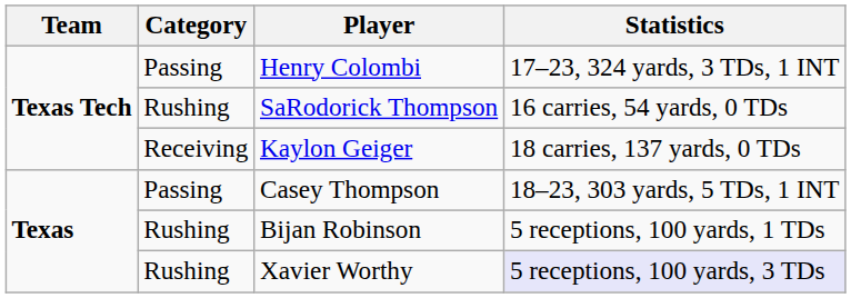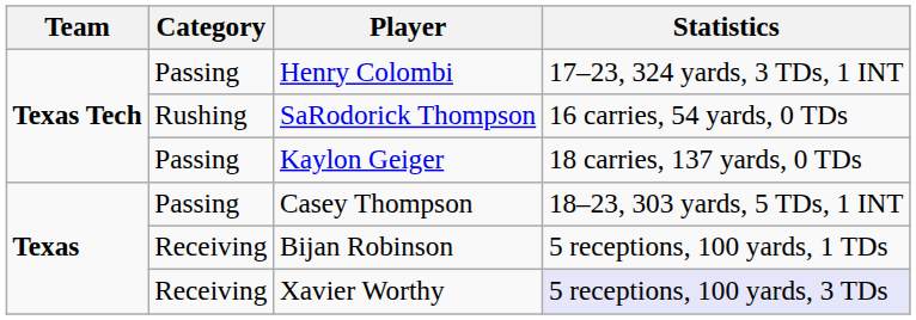 <table class="wikitable" style="float: right;">
 <tr>
 <th>Team</th>
 <th>Category</th>
 <th>Player</th>
 <th>Statistics</th>
 </tr>
 <tr>
 <td rowspan=3><strong>Texas Tech</strong></td>
 <td>Passing</td>
 <td><a href='#'>Henry Colombi</a></td>
 <td>17–23, 324 yards, 3 TDs, 1 INT</td>
 </tr>
 <tr>
 <td>Rushing</td>
 <td><a href='#'>SaRodorick Thompson</a></td>
 <td>16 carries, 54 yards, 0 TDs</td>
 </tr>
 <tr>
-<td>Receiving</td>
+<td>Passing</td>
 <td><a href='#'>Kaylon Geiger</a></td>
 <td>18 carries, 137 yards, 0 TDs</td>
 </tr>
 <tr>
 <td rowspan=3><strong>Texas</strong></td>
 <td>Passing</td>
 <td>Casey Thompson</td>
 <td>18–23, 303 yards, 5 TDs, 1 INT</td>
 </tr>
 <tr>
-<td>Rushing</td>
+<td>Receiving</td>
 <td>Bijan Robinson</td>
 <td>5 receptions, 100 yards, 1 TDs</td>
 </tr>
 <tr>
-<td>Rushing</td>
+<td>Receiving</td>
 <td>Xavier Worthy</td>
 <td style="background: lavender;">5 receptions, 100 yards, 3 TDs</td>
 </tr>
 </table>
